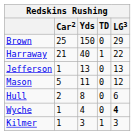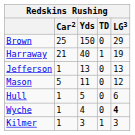 <table class="wikitable">
 <tr>
 <th colspan="5">Redskins Rushing</th>
 </tr>
 <tr>
 <th></th>
 <th>Car<sup>2</sup></th>
 <th>Yds</th>
 <th>TD</th>
 <th>LG<sup>3</sup></th>
 </tr>
 <tr>
 <td><a href='#'>Brown</a></td>
 <td>25</td>
 <td>150</td>
 <td>0</td>
 <td>29</td>
 </tr>
 <tr>
 <td><a href='#'>Harraway</a></td>
 <td>21</td>
 <td>40</td>
 <td>1</td>
-<td>22</td>
+<td>19</td>
 </tr>
 <tr>
 <td><a href='#'>Jefferson</a></td>
 <td>1</td>
 <td>13</td>
 <td>0</td>
 <td>13</td>
 </tr>
 <tr>
 <td><a href='#'>Mason</a></td>
 <td>5</td>
 <td>11</td>
 <td>0</td>
 <td>12</td>
 </tr>
 <tr>
 <td><a href='#'>Hull</a></td>
-<td>2</td>
-<td>8</td>
+<td>1</td>
+<td>5</td>
 <td>0</td>
 <td>6</td>
 </tr>
 <tr>
 <td><a href='#'>Wyche</a></td>
 <td>1</td>
 <td>4</td>
 <td>0</td>
 <td><strong>4</strong></td>
 </tr>
 <tr>
 <td><a href='#'>Kilmer</a></td>
 <td>1</td>
 <td>3</td>
 <td>1</td>
 <td>3</td>
 </tr>
 </table>
